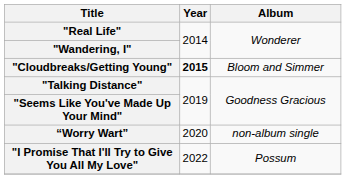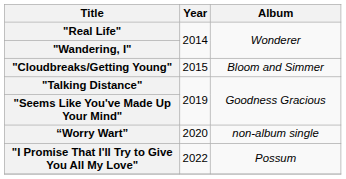 <table class="wikitable plainrowheaders" style="text-align:center;">
 <tr>
 <th scope="col" rowspan="1" style="width:15em;">Title</th>
 <th scope="col" rowspan="1" style="width:1em;">Year</th>
 <th scope="col" rowspan="1" style="width:11em;">Album</th>
 </tr>
 <tr>
 <th scope="row">"Real Life"</th>
 <td rowspan="2">2014</td>
 <td rowspan="2"><em>Wonderer</em></td>
 </tr>
 <tr>
 <th scope="row">"Wandering, I"</th>
 </tr>
 <tr>
 <th scope="row">"Cloudbreaks/Getting Young"</th>
-<td rowspan="1"><strong>2015</strong></td>
+<td rowspan="1">2015</td>
 <td><em>Bloom and Simmer</em></td>
 </tr>
 <tr>
 <th scope="row">"Talking Distance"</th>
 <td rowspan="2">2019</td>
 <td rowspan="2"><em>Goodness Gracious</em></td>
 </tr>
 <tr>
 <th scope="row">"Seems Like You've Made Up Your Mind"</th>
 </tr>
 <tr>
 <th scope="row">“Worry Wart”</th>
 <td>2020</td>
 <td rowspan="1"><em>non-album single</em></td>
 </tr>
 <tr>
 <th scope="row">"I Promise That I'll Try to Give You All My Love"</th>
 <td>2022</td>
 <td><em>Possum</em></td>
 </tr>
 <tr>
 </tr>
 </table>
